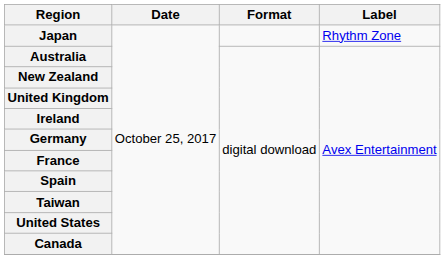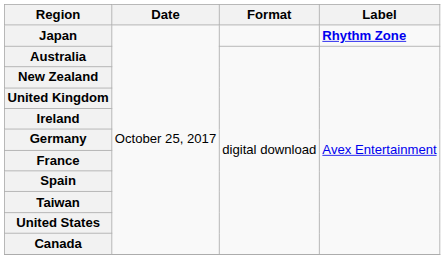 <table class="wikitable plainrowheaders">
 <tr>
 <th scope="col">Region</th>
 <th scope="col">Date</th>
 <th scope="col">Format</th>
 <th scope="col">Label</th>
 </tr>
 <tr>
 <th scope="row">Japan</th>
 <td rowspan="11">October 25, 2017</td>
 <td></td>
-<td><a href='#'>Rhythm Zone</a></td>
+<td><strong><a href='#'>Rhythm Zone</a></strong></td>
 </tr>
 <tr>
 <th scope="row">Australia</th>
 <td rowspan="10">digital download</td>
 <td rowspan="10"><a href='#'>Avex Entertainment</a></td>
 </tr>
 <tr>
 <th scope="row">New Zealand</th>
 </tr>
 <tr>
 <th scope="row">United Kingdom</th>
 </tr>
 <tr>
 <th scope="row">Ireland</th>
 </tr>
 <tr>
 <th scope="row">Germany</th>
 </tr>
 <tr>
 <th scope="row">France</th>
 </tr>
 <tr>
 <th scope="row">Spain</th>
 </tr>
 <tr>
 <th scope="row">Taiwan</th>
 </tr>
 <tr>
 <th scope="row">United States</th>
 </tr>
 <tr>
 <th scope="row">Canada</th>
 </tr>
 <tr>
 </tr>
 </table>
